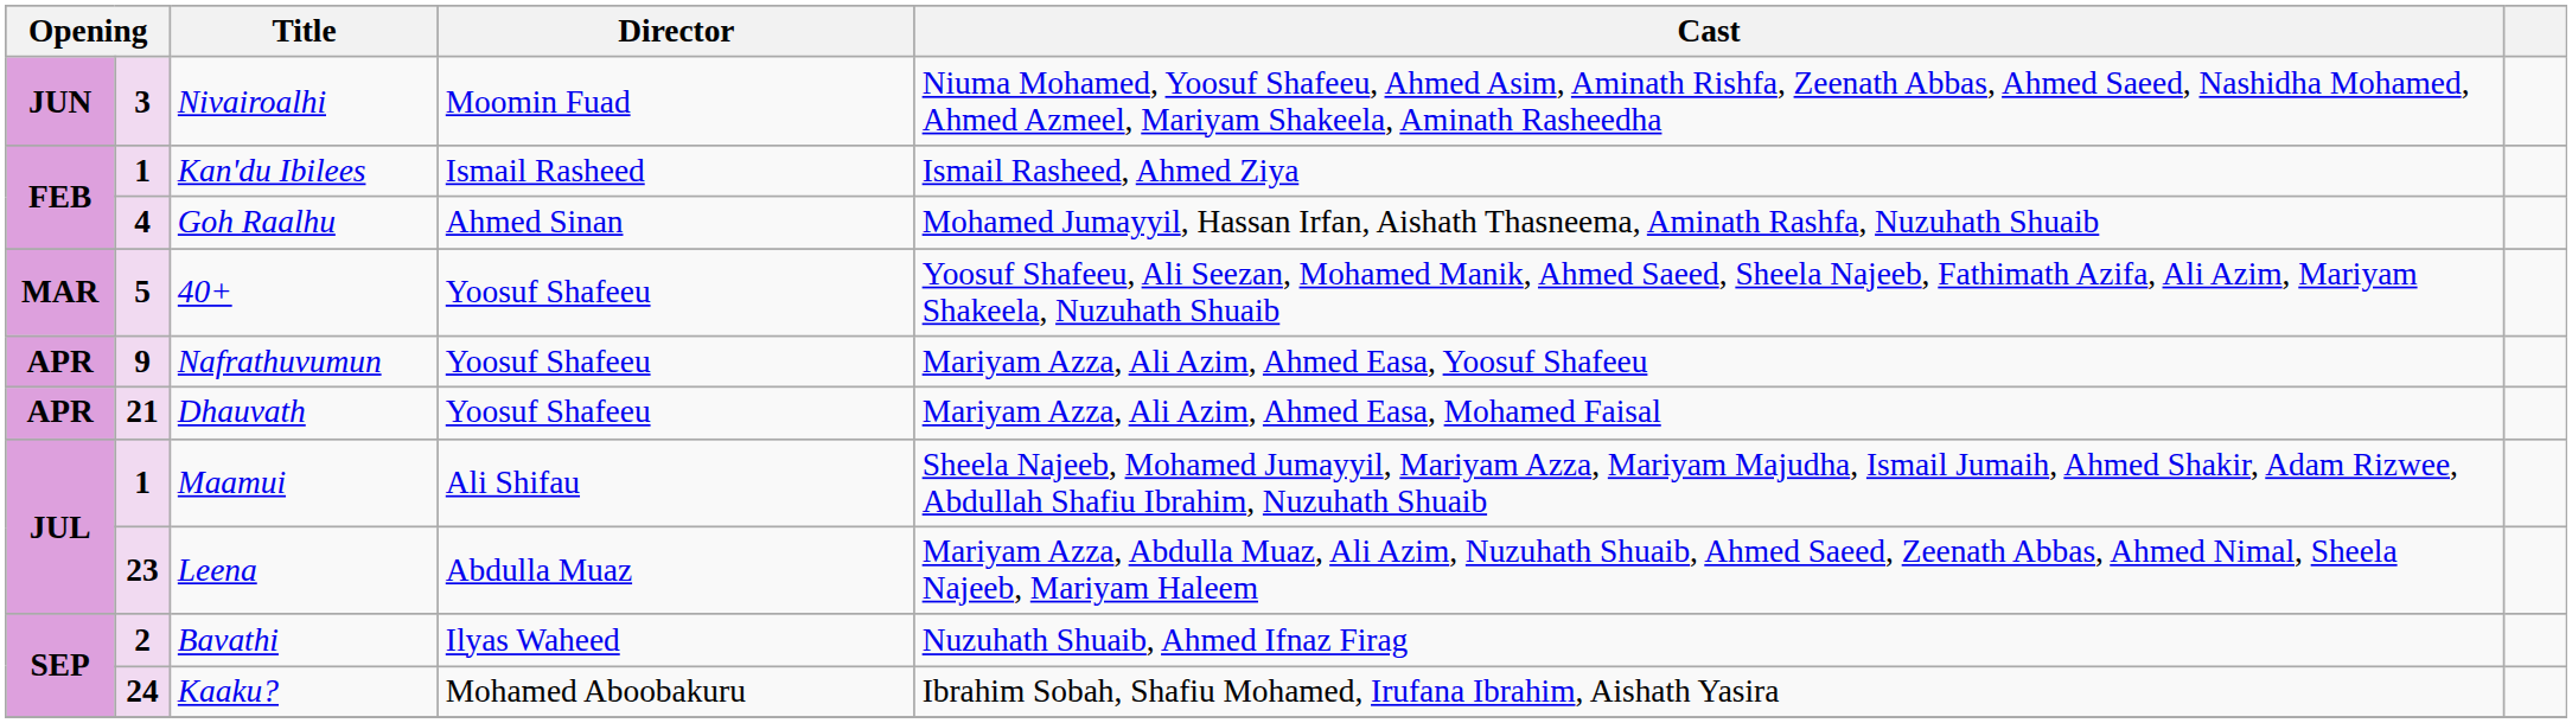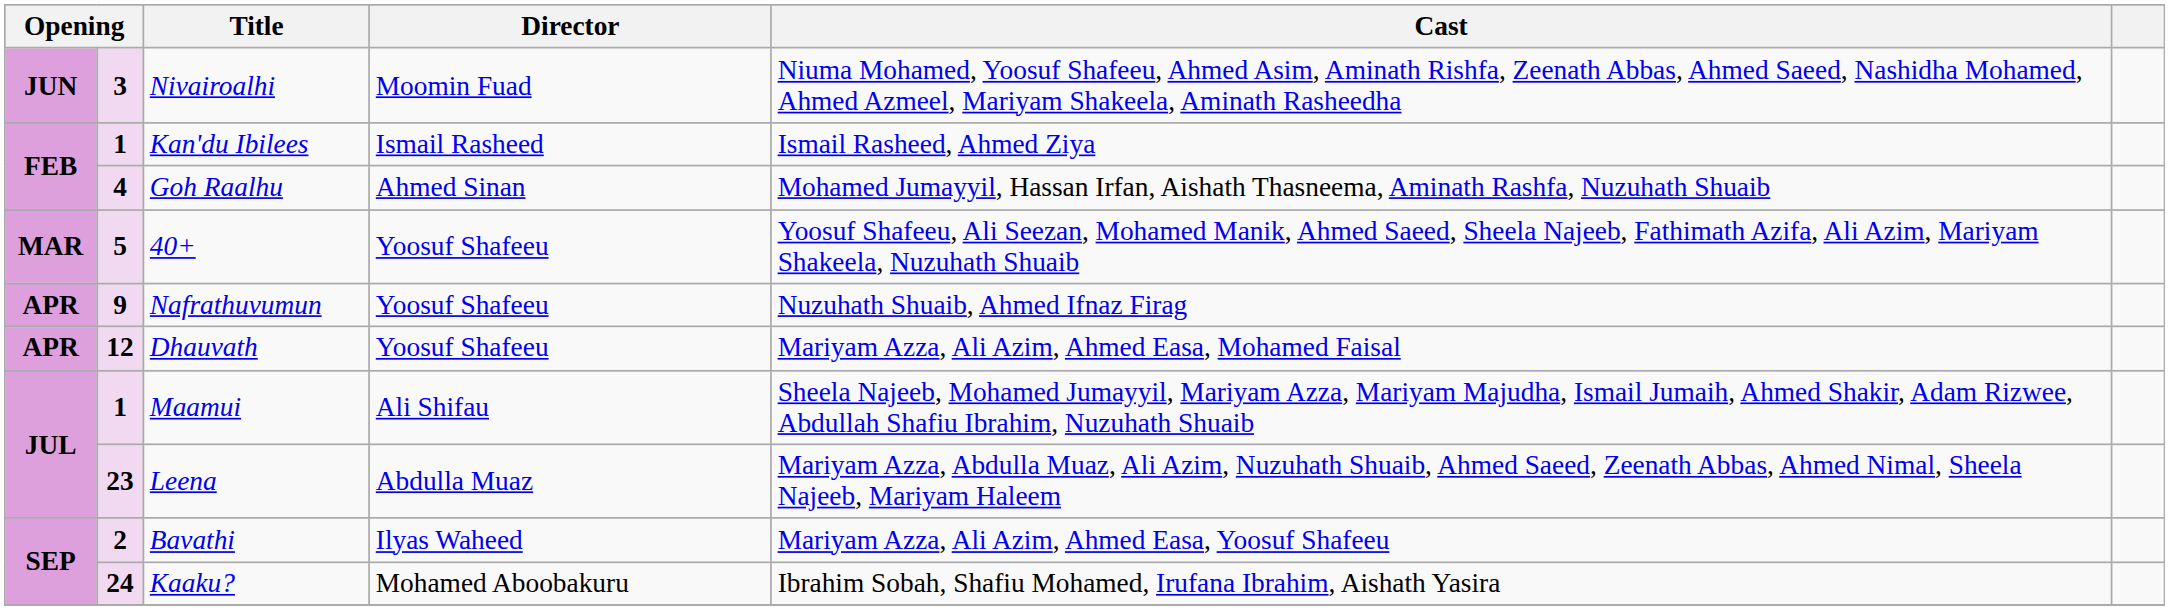 <table class="wikitable plainrowheaders" width="100%">
 <tr>
 <th scope="col" colspan="2" width=4%>Opening</th>
 <th scope="col" width=8%>Title</th>
 <th scope="col" width=15%>Director</th>
 <th scope="col" width=50%>Cast</th>
 <th scope="col" width=2%></th>
 </tr>
 <tr>
 <td style="text-align:center; background:plum; textcolor:#000;"><strong>JUN</strong></td>
 <td style="text-align:center; background:#f1daf1;"><strong>3</strong></td>
 <td><em><a href='#'>Nivairoalhi</a></em></td>
 <td><a href='#'>Moomin Fuad</a></td>
 <td><a href='#'>Niuma Mohamed</a>, <a href='#'>Yoosuf Shafeeu</a>, <a href='#'>Ahmed Asim</a>, <a href='#'>Aminath Rishfa</a>, <a href='#'>Zeenath Abbas</a>, <a href='#'>Ahmed Saeed</a>, <a href='#'>Nashidha Mohamed</a>, <a href='#'>Ahmed Azmeel</a>, <a href='#'>Mariyam Shakeela</a>, <a href='#'>Aminath Rasheedha</a></td>
 <td style="text-align:center;"></td>
 </tr>
 <tr>
 <td style="text-align:center; background:plum; textcolor:#000;" rowspan="2"><strong>FEB</strong></td>
 <td style="text-align:center; background:#f1daf1;"><strong>1</strong></td>
 <td><em><a href='#'>Kan'du Ibilees</a></em></td>
 <td><a href='#'>Ismail Rasheed</a></td>
 <td><a href='#'>Ismail Rasheed</a>, <a href='#'>Ahmed Ziya</a></td>
 <td style="text-align:center;"></td>
 </tr>
 <tr>
 <td style="text-align:center; background:#f1daf1;"><strong>4</strong></td>
 <td><em><a href='#'>Goh Raalhu</a></em></td>
 <td><a href='#'>Ahmed Sinan</a></td>
 <td><a href='#'>Mohamed Jumayyil</a>, Hassan Irfan, Aishath Thasneema, <a href='#'>Aminath Rashfa</a>, <a href='#'>Nuzuhath Shuaib</a></td>
 <td style="text-align:center;"></td>
 </tr>
 <tr>
 <td style="text-align:center; background:plum; textcolor:#000;"><strong>MAR</strong></td>
 <td style="text-align:center; background:#f1daf1;"><strong>5</strong></td>
 <td><em><a href='#'>40+</a></em></td>
 <td><a href='#'>Yoosuf Shafeeu</a></td>
 <td><a href='#'>Yoosuf Shafeeu</a>, <a href='#'>Ali Seezan</a>, <a href='#'>Mohamed Manik</a>, <a href='#'>Ahmed Saeed</a>, <a href='#'>Sheela Najeeb</a>, <a href='#'>Fathimath Azifa</a>, <a href='#'>Ali Azim</a>, <a href='#'>Mariyam Shakeela</a>, <a href='#'>Nuzuhath Shuaib</a></td>
 <td style="text-align:center;"></td>
 </tr>
 <tr>
 <td style="text-align:center; background:plum; textcolor:#000;"><strong>APR</strong></td>
 <td style="text-align:center; background:#f1daf1;"><strong>9</strong></td>
 <td><em><a href='#'>Nafrathuvumun</a></em></td>
 <td><a href='#'>Yoosuf Shafeeu</a></td>
-<td><a href='#'>Mariyam Azza</a>, <a href='#'>Ali Azim</a>, <a href='#'>Ahmed Easa</a>, <a href='#'>Yoosuf Shafeeu</a></td>
+<td><a href='#'>Nuzuhath Shuaib</a>, <a href='#'>Ahmed Ifnaz Firag</a></td>
 <td style="text-align:center;"></td>
 </tr>
 <tr>
 <td style="text-align:center; background:plum; textcolor:#000;"><strong>APR</strong></td>
-<td style="text-align:center; background:#f1daf1;"><strong>21</strong></td>
+<td style="text-align:center; background:#f1daf1;"><strong>12</strong></td>
 <td><em><a href='#'>Dhauvath</a></em></td>
 <td><a href='#'>Yoosuf Shafeeu</a></td>
 <td><a href='#'>Mariyam Azza</a>, <a href='#'>Ali Azim</a>, <a href='#'>Ahmed Easa</a>, <a href='#'>Mohamed Faisal</a></td>
 <td style="text-align:center;"></td>
 </tr>
 <tr>
 <td style="text-align:center; background:plum; textcolor:#000;" rowspan="2"><strong>JUL</strong></td>
 <td style="text-align:center; background:#f1daf1;"><strong>1</strong></td>
 <td><em><a href='#'>Maamui</a></em></td>
 <td><a href='#'>Ali Shifau</a></td>
 <td><a href='#'>Sheela Najeeb</a>, <a href='#'>Mohamed Jumayyil</a>, <a href='#'>Mariyam Azza</a>, <a href='#'>Mariyam Majudha</a>, <a href='#'>Ismail Jumaih</a>, <a href='#'>Ahmed Shakir</a>, <a href='#'>Adam Rizwee</a>, <a href='#'>Abdullah Shafiu Ibrahim</a>, <a href='#'>Nuzuhath Shuaib</a></td>
 <td style="text-align:center;"></td>
 </tr>
 <tr>
 <td style="text-align:center; background:#f1daf1;"><strong>23</strong></td>
 <td><em><a href='#'>Leena</a></em></td>
 <td><a href='#'>Abdulla Muaz</a></td>
 <td><a href='#'>Mariyam Azza</a>, <a href='#'>Abdulla Muaz</a>, <a href='#'>Ali Azim</a>, <a href='#'>Nuzuhath Shuaib</a>, <a href='#'>Ahmed Saeed</a>, <a href='#'>Zeenath Abbas</a>, <a href='#'>Ahmed Nimal</a>, <a href='#'>Sheela Najeeb</a>, <a href='#'>Mariyam Haleem</a></td>
 <td style="text-align:center;"></td>
 </tr>
 <tr>
 <td style="text-align:center; background:plum; textcolor:#000;" rowspan="2"><strong>SEP</strong></td>
 <td style="text-align:center; background:#f1daf1;"><strong>2</strong></td>
 <td><em><a href='#'>Bavathi</a></em></td>
 <td><a href='#'>Ilyas Waheed</a></td>
-<td><a href='#'>Nuzuhath Shuaib</a>, <a href='#'>Ahmed Ifnaz Firag</a></td>
+<td><a href='#'>Mariyam Azza</a>, <a href='#'>Ali Azim</a>, <a href='#'>Ahmed Easa</a>, <a href='#'>Yoosuf Shafeeu</a></td>
 <td style="text-align:center;"></td>
 </tr>
 <tr>
 <td style="text-align:center; background:#f1daf1;"><strong>24</strong></td>
 <td><em><a href='#'>Kaaku?</a></em></td>
 <td>Mohamed Aboobakuru</td>
 <td>Ibrahim Sobah, Shafiu Mohamed, <a href='#'>Irufana Ibrahim</a>, Aishath Yasira</td>
 <td style="text-align:center;"></td>
 </tr>
 <tr>
 </tr>
 </table>
